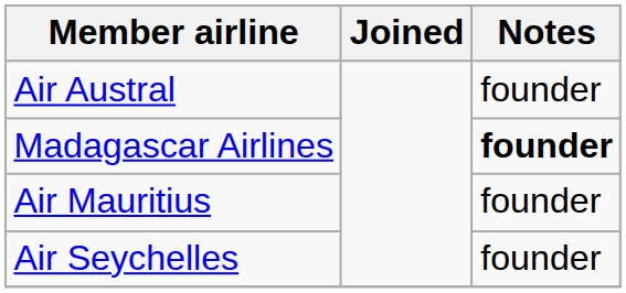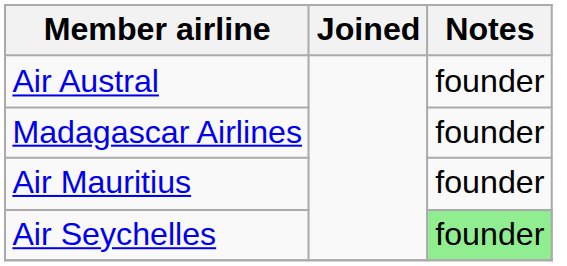 <table class="wikitable" style="border-collapse:collapse">
 <tr>
 <th>Member airline</th>
 <th>Joined</th>
 <th>Notes</th>
 </tr>
 <tr>
 <td> <a href='#'>Air Austral</a></td>
 <td align=center rowspan = 4></td>
 <td>founder</td>
 </tr>
 <tr>
 <td> <a href='#'>Madagascar Airlines</a></td>
-<td><strong>founder</strong></td>
+<td>founder</td>
 </tr>
 <tr>
 <td> <a href='#'>Air Mauritius</a></td>
 <td>founder</td>
 </tr>
 <tr>
 <td> <a href='#'>Air Seychelles</a></td>
-<td>founder</td>
+<td style="background: lightgreen;">founder</td>
 </tr>
 <tr>
 </tr>
 </table>
